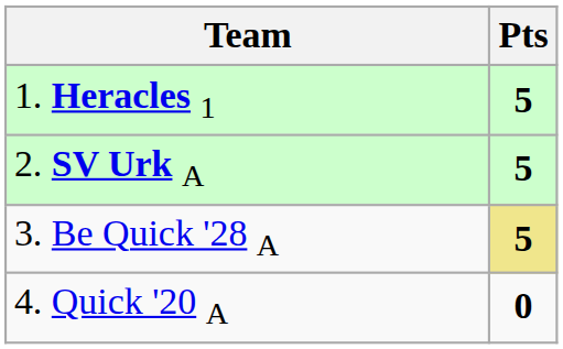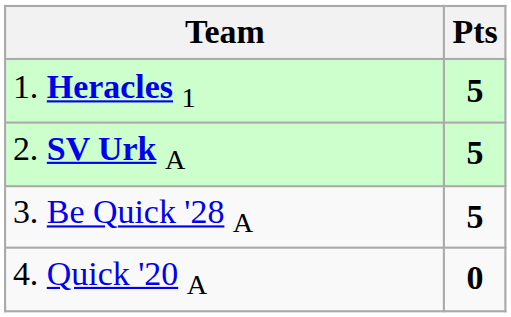 <table class="wikitable" style="text-align:center; float:left; margin-right:1em">
 <tr>
 <th style="width:200px">Team</th>
 <th width=20>Pts</th>
 </tr>
 <tr bgcolor=ccffcc>
 <td align=left>1. <strong><a href='#'>Heracles</a></strong> <sub>1</sub></td>
 <td><strong>5</strong></td>
 </tr>
 <tr bgcolor=ccffcc>
 <td align=left>2. <strong><a href='#'>SV Urk</a></strong> <sub>A</sub></td>
 <td><strong>5</strong></td>
 </tr>
 <tr>
 <td align=left>3. <a href='#'>Be Quick '28</a> <sub>A</sub></td>
-<td style="background: khaki;"><strong>5</strong></td>
+<td><strong>5</strong></td>
 </tr>
 <tr>
 <td align=left>4. <a href='#'>Quick '20</a> <sub>A</sub></td>
 <td><strong>0</strong></td>
 </tr>
 </table>
